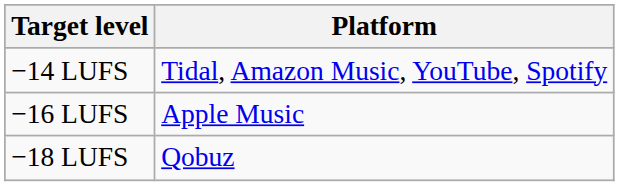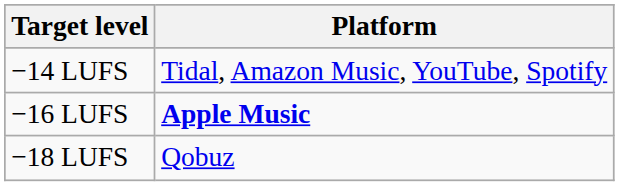 <table class="wikitable">
 <tr>
 <th>Target level</th>
 <th>Platform</th>
 </tr>
 <tr>
 <td>−14 LUFS</td>
 <td><a href='#'>Tidal</a>, <a href='#'>Amazon Music</a>, <a href='#'>YouTube</a>, <a href='#'>Spotify</a></td>
 </tr>
 <tr>
 <td>−16 LUFS</td>
-<td><a href='#'>Apple Music</a></td>
+<td><strong><a href='#'>Apple Music</a></strong></td>
 </tr>
 <tr>
 <td>−18 LUFS</td>
 <td><a href='#'>Qobuz</a></td>
 </tr>
 </table>
